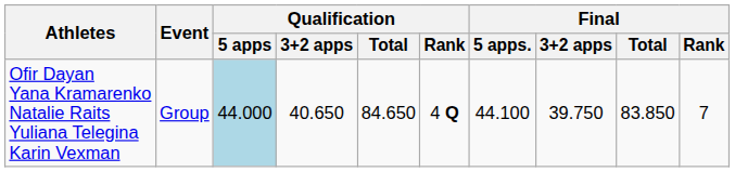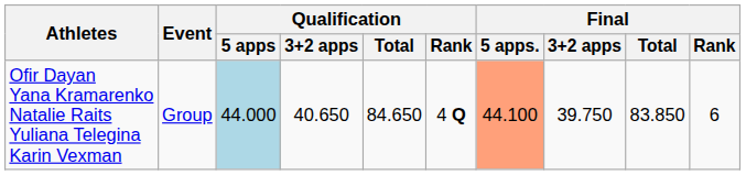 <table class="wikitable" style="text-align:center; font-size:90%">
 <tr>
 <th rowspan=2>Athletes</th>
 <th rowspan=2>Event</th>
 <th colspan=4>Qualification</th>
 <th colspan=4>Final</th>
 </tr>
 <tr style="font-size:95%">
 <th>5 apps</th>
 <th>3+2 apps</th>
 <th>Total</th>
 <th>Rank</th>
 <th>5 apps.</th>
 <th>3+2 apps</th>
 <th>Total</th>
 <th>Rank</th>
 </tr>
 <tr>
 <td align=left><a href='#'>Ofir Dayan</a><br><a href='#'>Yana Kramarenko</a><br><a href='#'>Natalie Raits</a><br><a href='#'>Yuliana Telegina</a><br><a href='#'>Karin Vexman</a></td>
 <td align=left><a href='#'>Group</a></td>
 <td style="background: lightblue;">44.000</td>
 <td>40.650</td>
 <td>84.650</td>
 <td>4 <strong>Q</strong></td>
-<td>44.100</td>
+<td style="background: lightsalmon;">44.100</td>
 <td>39.750</td>
 <td>83.850</td>
-<td>7</td>
+<td>6</td>
 </tr>
 </table>
